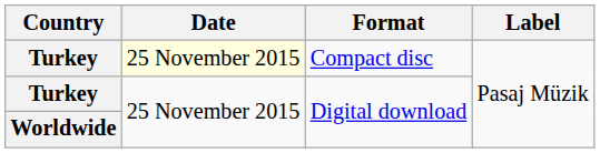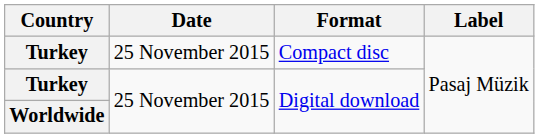 <table class="wikitable plainrowheaders">
 <tr>
 <th scope="col">Country</th>
 <th scope="col">Date</th>
 <th scope="col">Format</th>
 <th scope="col">Label</th>
 </tr>
 <tr>
 <th scope="row">Turkey</th>
-<td style="background: lightyellow;">25 November 2015</td>
+<td>25 November 2015</td>
 <td><a href='#'>Compact disc</a></td>
 <td rowspan="3">Pasaj Müzik</td>
 </tr>
 <tr>
 <th scope="row">Turkey</th>
 <td rowspan="2">25 November 2015</td>
 <td rowspan="2"><a href='#'>Digital download</a></td>
 </tr>
 <tr>
 <th scope="row">Worldwide</th>
 </tr>
 </table>
